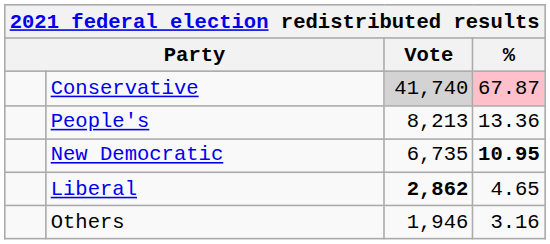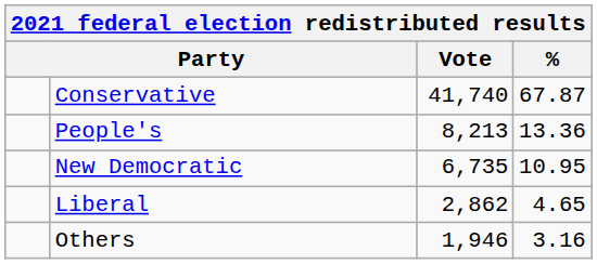 <table class="wikitable">
 <tr>
 <th colspan="4"><a href='#'>2021 federal election</a> redistributed results</th>
 </tr>
 <tr>
 <th bgcolor="#DDDDFF" width="130px" colspan="2">Party</th>
 <th bgcolor="#DDDDFF" width="50px">Vote</th>
 <th bgcolor="#DDDDFF" width="30px">%</th>
 </tr>
 <tr>
 <td> </td>
 <td><a href='#'>Conservative</a></td>
-<td align=right style="background: lightgrey;">41,740</td>
-<td align=right style="background: pink;">67.87</td>
+<td align=right>41,740</td>
+<td align=right>67.87</td>
 </tr>
 <tr>
 <td> </td>
 <td><a href='#'>People's</a></td>
 <td align=right>8,213</td>
 <td align=right>13.36</td>
 </tr>
 <tr>
 <td> </td>
 <td><a href='#'>New Democratic</a></td>
 <td align=right>6,735</td>
-<td align=right><strong>10.95</strong></td>
+<td align=right>10.95</td>
 </tr>
 <tr>
 <td> </td>
 <td><a href='#'>Liberal</a></td>
-<td align=right><strong>2,862</strong></td>
+<td align=right>2,862</td>
 <td align=right>4.65</td>
 </tr>
 <tr>
 <td> </td>
 <td>Others</td>
 <td align=right>1,946</td>
 <td align=right>3.16</td>
 </tr>
 </table>
